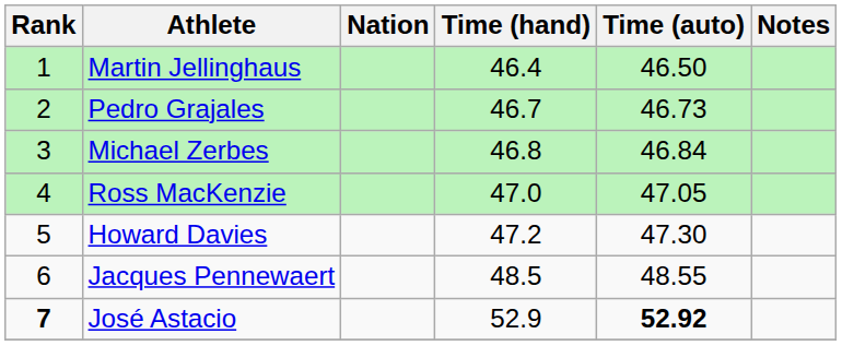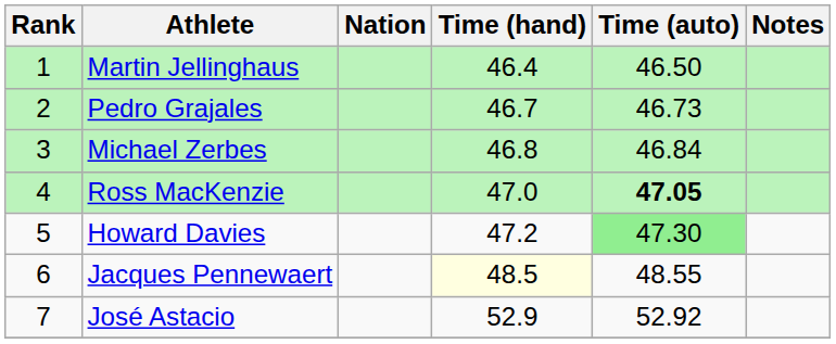 <table class="wikitable sortable" style="text-align:center">
 <tr>
 <th>Rank</th>
 <th>Athlete</th>
 <th>Nation</th>
 <th>Time (hand)</th>
 <th>Time (auto)</th>
 <th>Notes</th>
 </tr>
 <tr bgcolor=bbf3bb>
 <td>1</td>
 <td align=left><a href='#'>Martin Jellinghaus</a></td>
 <td align=left></td>
 <td>46.4</td>
 <td>46.50</td>
 <td></td>
 </tr>
 <tr bgcolor=bbf3bb>
 <td>2</td>
 <td align=left><a href='#'>Pedro Grajales</a></td>
 <td align=left></td>
 <td>46.7</td>
 <td>46.73</td>
 <td></td>
 </tr>
 <tr bgcolor=bbf3bb>
 <td>3</td>
 <td align=left><a href='#'>Michael Zerbes</a></td>
 <td align=left></td>
 <td>46.8</td>
 <td>46.84</td>
 <td></td>
 </tr>
 <tr bgcolor=bbf3bb>
 <td>4</td>
 <td align=left><a href='#'>Ross MacKenzie</a></td>
 <td align=left></td>
 <td>47.0</td>
-<td>47.05</td>
+<td><strong>47.05</strong></td>
 <td></td>
 </tr>
 <tr>
 <td>5</td>
 <td align=left><a href='#'>Howard Davies</a></td>
 <td align=left></td>
 <td>47.2</td>
-<td>47.30</td>
+<td style="background: lightgreen;">47.30</td>
 <td></td>
 </tr>
 <tr>
 <td>6</td>
 <td align=left><a href='#'>Jacques Pennewaert</a></td>
 <td align=left></td>
-<td>48.5</td>
+<td style="background: lightyellow;">48.5</td>
 <td>48.55</td>
 <td></td>
 </tr>
 <tr>
-<td><strong>7</strong></td>
+<td>7</td>
 <td align=left><a href='#'>José Astacio</a></td>
 <td align=left></td>
 <td>52.9</td>
-<td><strong>52.92</strong></td>
+<td>52.92</td>
 <td></td>
 </tr>
 <tr>
 </tr>
 </table>
